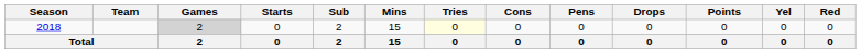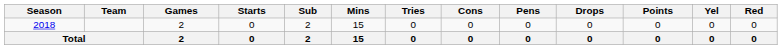 <table class="wikitable" style="text-align:center; line-height:90%; font-size:95%; width:60%;">
 <tr>
 <th>Season</th>
 <th>Team</th>
 <th>Games</th>
 <th>Starts</th>
 <th>Sub</th>
 <th>Mins</th>
 <th>Tries</th>
 <th>Cons</th>
 <th>Pens</th>
 <th>Drops</th>
 <th>Points</th>
 <th>Yel</th>
 <th>Red</th>
 </tr>
 <tr>
 <td><a href='#'>2018</a></td>
 <td></td>
-<td style="background: lightgrey;">2</td>
+<td>2</td>
 <td>0</td>
 <td>2</td>
 <td>15</td>
-<td style="background: lightyellow;">0</td>
+<td>0</td>
 <td>0</td>
 <td>0</td>
 <td>0</td>
 <td>0</td>
 <td>0</td>
 <td>0</td>
 </tr>
 <tr>
 <th colspan="2">Total</th>
 <th>2</th>
 <th>0</th>
 <th>2</th>
 <th>15</th>
 <th>0</th>
 <th>0</th>
 <th>0</th>
 <th>0</th>
 <th>0</th>
 <th>0</th>
 <th>0</th>
 </tr>
 </table>
